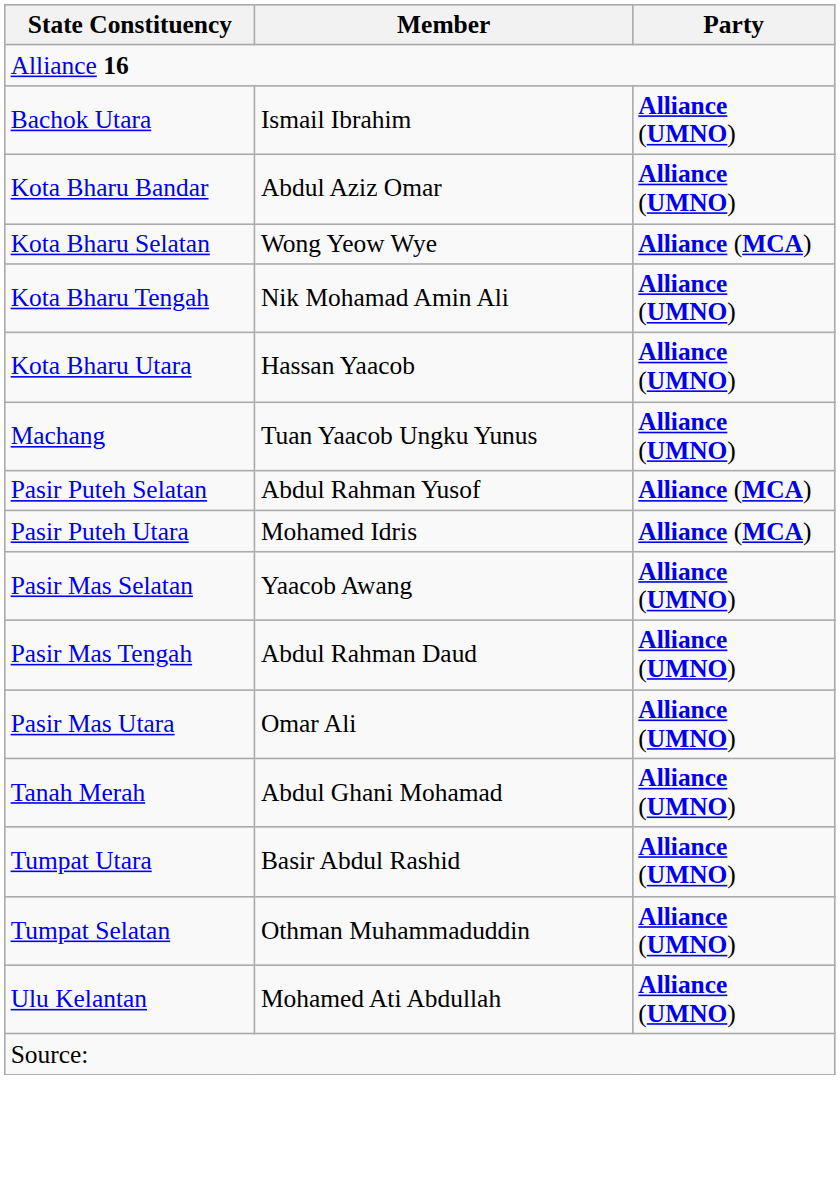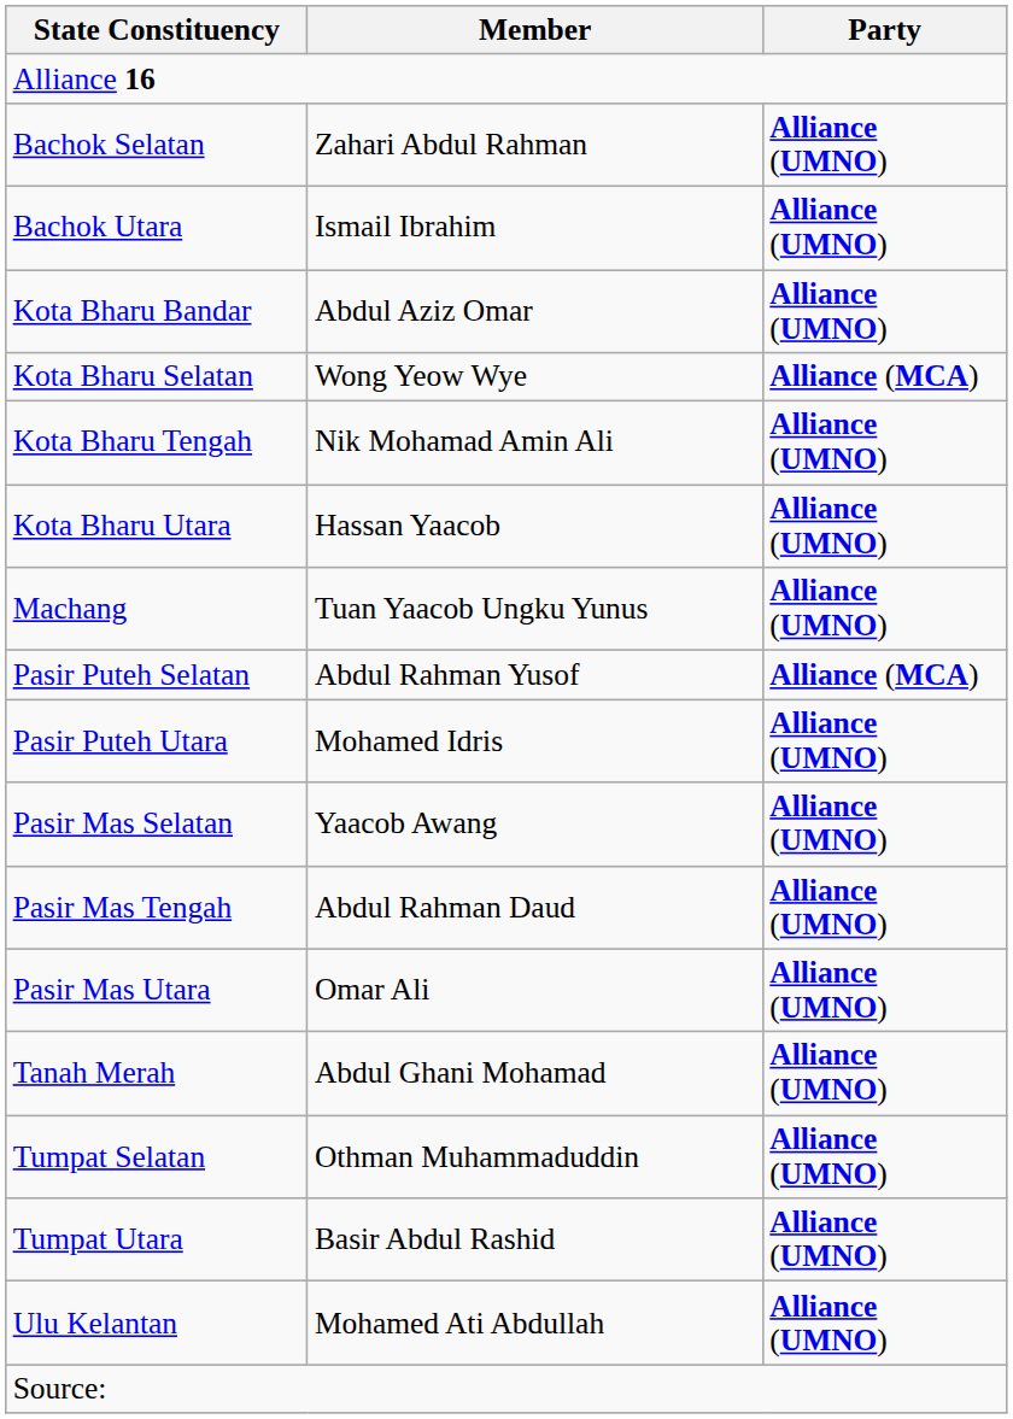 <table class="wikitable sortable">
 <tr>
 <th style="width:150px;">State Constituency</th>
 <th style="width:230px;">Member</th>
 <th style="width:120px;">Party</th>
 </tr>
 <tr>
 <td colspan="3"><a href='#'>Alliance</a> <strong>16</strong></td>
+</tr>
+<tr>
+<td><a href='#'>Bachok Selatan</a></td>
+<td>Zahari Abdul Rahman</td>
+<td><strong><a href='#'>Alliance</a></strong> (<strong><a href='#'>UMNO</a></strong>)</td>
 </tr>
 <tr>
 <td><a href='#'>Bachok Utara</a></td>
 <td>Ismail Ibrahim</td>
 <td><strong><a href='#'>Alliance</a></strong> (<strong><a href='#'>UMNO</a></strong>)</td>
 </tr>
 <tr>
 <td><a href='#'>Kota Bharu Bandar</a></td>
 <td>Abdul Aziz Omar</td>
 <td><strong><a href='#'>Alliance</a></strong> (<strong><a href='#'>UMNO</a></strong>)</td>
 </tr>
 <tr>
 <td><a href='#'>Kota Bharu Selatan</a></td>
 <td>Wong Yeow Wye</td>
 <td><strong><a href='#'>Alliance</a></strong> (<strong><a href='#'>MCA</a></strong>)</td>
 </tr>
 <tr>
 <td><a href='#'>Kota Bharu Tengah</a></td>
 <td>Nik Mohamad Amin Ali</td>
 <td><strong><a href='#'>Alliance</a></strong> (<strong><a href='#'>UMNO</a></strong>)</td>
 </tr>
 <tr>
 <td><a href='#'>Kota Bharu Utara</a></td>
 <td>Hassan Yaacob</td>
 <td><strong><a href='#'>Alliance</a></strong> (<strong><a href='#'>UMNO</a></strong>)</td>
 </tr>
 <tr>
 <td><a href='#'>Machang</a></td>
 <td>Tuan Yaacob Ungku Yunus</td>
 <td><strong><a href='#'>Alliance</a></strong> (<strong><a href='#'>UMNO</a></strong>)</td>
 </tr>
 <tr>
 <td><a href='#'>Pasir Puteh Selatan</a></td>
 <td>Abdul Rahman Yusof</td>
 <td><strong><a href='#'>Alliance</a></strong> (<strong><a href='#'>MCA</a></strong>)</td>
 </tr>
 <tr>
 <td><a href='#'>Pasir Puteh Utara</a></td>
 <td>Mohamed Idris</td>
-<td><strong><a href='#'>Alliance</a></strong> (<strong><a href='#'>MCA</a></strong>)</td>
+<td><strong><a href='#'>Alliance</a></strong> (<strong><a href='#'>UMNO</a></strong>)</td>
 </tr>
 <tr>
 <td><a href='#'>Pasir Mas Selatan</a></td>
 <td>Yaacob Awang</td>
 <td><strong><a href='#'>Alliance</a></strong> (<strong><a href='#'>UMNO</a></strong>)</td>
 </tr>
 <tr>
 <td><a href='#'>Pasir Mas Tengah</a></td>
 <td>Abdul Rahman Daud</td>
 <td><strong><a href='#'>Alliance</a></strong> (<strong><a href='#'>UMNO</a></strong>)</td>
 </tr>
 <tr>
 <td><a href='#'>Pasir Mas Utara</a></td>
 <td>Omar Ali</td>
 <td><strong><a href='#'>Alliance</a></strong> (<strong><a href='#'>UMNO</a></strong>)</td>
 </tr>
 <tr>
 <td><a href='#'>Tanah Merah</a></td>
 <td>Abdul Ghani Mohamad</td>
 <td><strong><a href='#'>Alliance</a></strong> (<strong><a href='#'>UMNO</a></strong>)</td>
 </tr>
 <tr>
-<td><a href='#'>Tumpat Utara</a></td>
-<td>Basir Abdul Rashid</td>
+<td><a href='#'>Tumpat Selatan</a></td>
+<td>Othman Muhammaduddin</td>
 <td><strong><a href='#'>Alliance</a></strong> (<strong><a href='#'>UMNO</a></strong>)</td>
 </tr>
 <tr>
-<td><a href='#'>Tumpat Selatan</a></td>
-<td>Othman Muhammaduddin</td>
+<td><a href='#'>Tumpat Utara</a></td>
+<td>Basir Abdul Rashid</td>
 <td><strong><a href='#'>Alliance</a></strong> (<strong><a href='#'>UMNO</a></strong>)</td>
 </tr>
 <tr>
 <td><a href='#'>Ulu Kelantan</a></td>
 <td>Mohamed Ati Abdullah</td>
 <td><strong><a href='#'>Alliance</a></strong> (<strong><a href='#'>UMNO</a></strong>)</td>
 </tr>
 <tr>
 <td colspan="3">Source:</td>
 </tr>
 </table>
